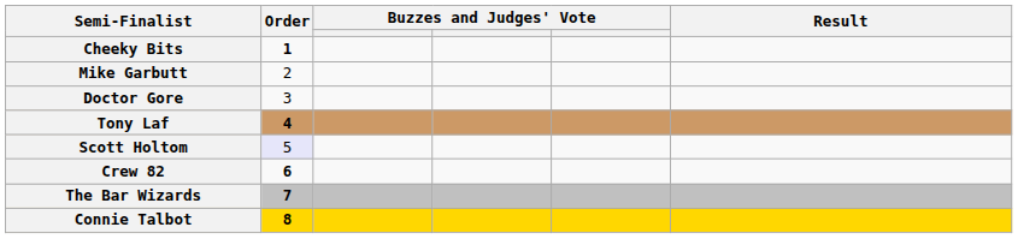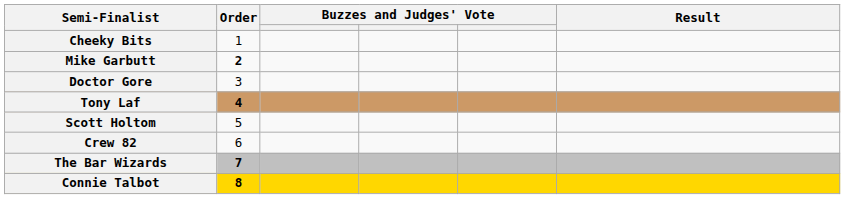 <table class="wikitable plainrowheaders sortable" style="text-align:center;">
 <tr>
 <th scope="col" rowspan="2" class="unsortable" style="width:17em;">Semi-Finalist</th>
 <th scope="col" rowspan="2" style="width:1em;">Order</th>
 <th scope="col" colspan="3" class="unsortable" style="width:24em;">Buzzes and Judges' Vote</th>
 <th scope="col" rowspan="2" style="width:23em;">Result</th>
 </tr>
 <tr>
 <th scope="col" class="unsortable" style="width:6em;"></th>
 <th scope="col" class="unsortable" style="width:6em;"></th>
 <th scope="col" class="unsortable" style="width:6em;"></th>
 </tr>
 <tr>
 <th scope="row">Cheeky Bits</th>
-<td><strong>1</strong></td>
+<td>1</td>
 <td style="text-align:center;"></td>
 <td style="text-align:center;"></td>
 <td style="text-align:center;"></td>
 <td></td>
 </tr>
 <tr>
 <th scope="row">Mike Garbutt</th>
-<td>2</td>
+<td><strong>2</strong></td>
 <td style="text-align:center;"></td>
 <td style="text-align:center;"></td>
 <td style="text-align:center;"></td>
 <td></td>
 </tr>
 <tr>
 <th scope="row">Doctor Gore</th>
 <td>3</td>
 <td style="text-align:center;"></td>
 <td style="text-align:center;"></td>
 <td style="text-align:center;"></td>
 <td></td>
 </tr>
 <tr bgcolor=#c96>
 <th scope="row"><strong>Tony Laf</strong></th>
 <td><strong>4</strong></td>
 <td style="text-align:center;"></td>
 <td style="text-align:center;"></td>
 <td style="text-align:center;"></td>
 <td><strong></strong></td>
 </tr>
 <tr>
 <th scope="row">Scott Holtom</th>
-<td style="background: lavender;">5</td>
+<td>5</td>
 <td style="text-align:center;"></td>
 <td style="text-align:center;"></td>
 <td style="text-align:center;"></td>
 <td></td>
 </tr>
 <tr>
 <th scope="row">Crew 82</th>
-<td><strong>6</strong></td>
+<td>6</td>
 <td style="text-align:center;"></td>
 <td style="text-align:center;"></td>
 <td style="text-align:center;"></td>
 <td></td>
 </tr>
 <tr bgcolor=silver>
 <th scope="row"><strong>The Bar Wizards</strong></th>
 <td><strong>7</strong></td>
 <td style="text-align:center;"></td>
 <td style="text-align:center;"></td>
 <td style="text-align:center;"></td>
 <td><strong></strong></td>
 </tr>
 <tr bgcolor=gold>
 <th scope="row"><strong>Connie Talbot</strong></th>
 <td><strong>8</strong></td>
 <td style="text-align:center;"></td>
 <td style="text-align:center;"></td>
 <td style="text-align:center;"></td>
 <td><strong></strong></td>
 </tr>
 </table>
